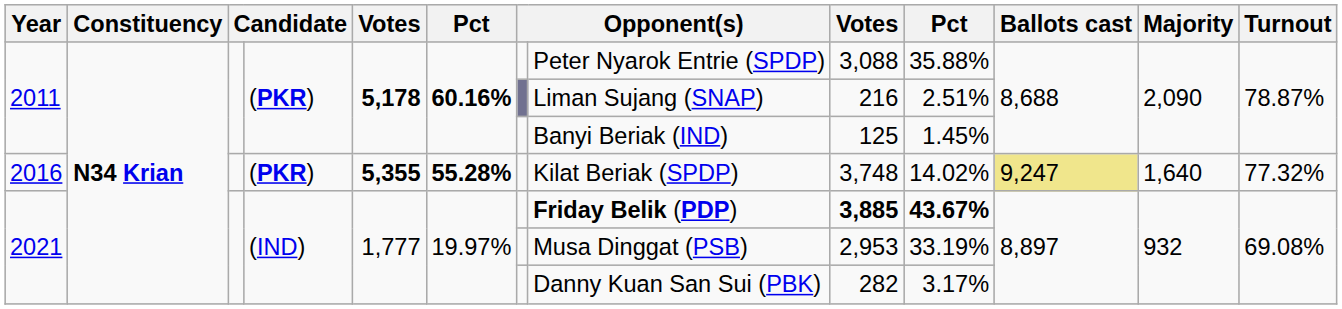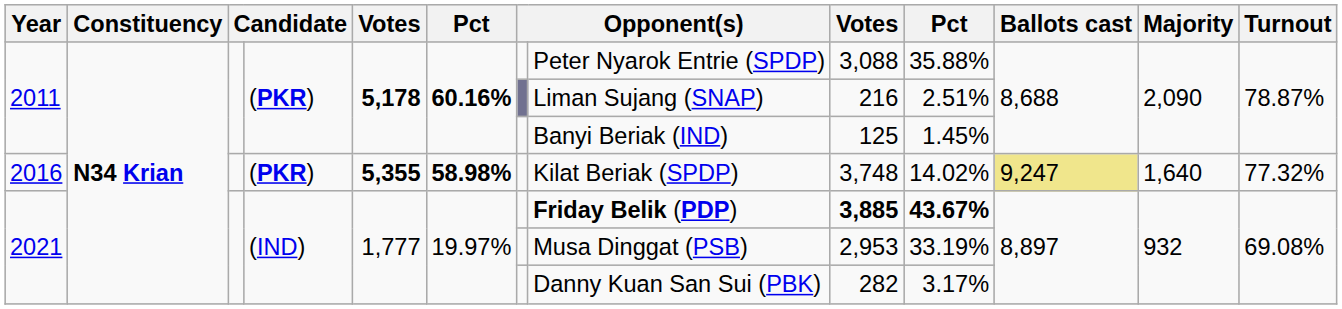 <table class="wikitable" style="margin:0.5em ; font-size:95%">
 <tr>
 <th>Year</th>
 <th>Constituency</th>
 <th colspan=2>Candidate</th>
 <th>Votes</th>
 <th>Pct</th>
 <th colspan=2>Opponent(s)</th>
 <th>Votes</th>
 <th>Pct</th>
 <th>Ballots cast</th>
 <th>Majority</th>
 <th>Turnout</th>
 </tr>
 <tr>
 <td rowspan="3"><a href='#'>2011</a></td>
 <td rowspan="7"><strong>N34 <a href='#'>Krian</a></strong></td>
 <td rowspan="3"  ></td>
 <td rowspan="3"> (<a href='#'><strong>PKR</strong></a>)</td>
 <td rowspan="3" style="text-align:right;"><strong>5,178</strong></td>
 <td rowspan="3" style="text-align:right;"><strong>60.16%</strong></td>
 <td></td>
 <td>Peter Nyarok Entrie (<a href='#'>SPDP</a>)</td>
 <td style="text-align:right;">3,088</td>
 <td style="text-align:right;">35.88%</td>
 <td rowspan="3">8,688</td>
 <td rowspan="3">2,090</td>
 <td rowspan="3">78.87%</td>
 </tr>
 <tr>
 <td bgcolor="#717190"></td>
 <td>Liman Sujang (<a href='#'>SNAP</a>)</td>
 <td style="text-align:right;">216</td>
 <td style="text-align:right;">2.51%</td>
 </tr>
 <tr>
 <td></td>
 <td>Banyi Beriak (<a href='#'>IND</a>)</td>
 <td style="text-align:right;">125</td>
 <td style="text-align:right;">1.45%</td>
 </tr>
 <tr>
 <td><a href='#'>2016</a></td>
 <td></td>
 <td> (<a href='#'><strong>PKR</strong></a>)</td>
 <td style="text-align:right;"><strong>5,355</strong></td>
-<td style="text-align:right;"><strong>55.28%</strong></td>
+<td style="text-align:right;"><strong>58.98%</strong></td>
 <td></td>
 <td>Kilat Beriak (<a href='#'>SPDP</a>)</td>
 <td style="text-align:right;">3,748</td>
 <td style="text-align:right;">14.02%</td>
 <td style="background: khaki;">9,247</td>
 <td>1,640</td>
 <td>77.32%</td>
 </tr>
 <tr>
 <td rowspan="3"><a href='#'>2021</a></td>
 <td rowspan="3" ></td>
 <td rowspan="3"> (<a href='#'>IND</a>)</td>
 <td rowspan="3" style="text-align:right;">1,777</td>
 <td rowspan="3" style="text-align:right;">19.97%</td>
 <td></td>
 <td><strong>Friday Belik</strong> (<a href='#'><strong>PDP</strong></a>)</td>
 <td style="text-align:right;"><strong>3,885</strong></td>
 <td style="text-align:right;"><strong>43.67%</strong></td>
 <td rowspan="3">8,897</td>
 <td rowspan="3">932</td>
 <td rowspan="3">69.08%</td>
 </tr>
 <tr>
 <td></td>
 <td>Musa Dinggat (<a href='#'>PSB</a>)</td>
 <td style="text-align:right;">2,953</td>
 <td style="text-align:right;">33.19%</td>
 </tr>
 <tr>
 <td style="background:"></td>
 <td>Danny Kuan San Sui (<a href='#'>PBK</a>)</td>
 <td style="text-align:right;">282</td>
 <td style="text-align:right;">3.17%</td>
 </tr>
 </table>
